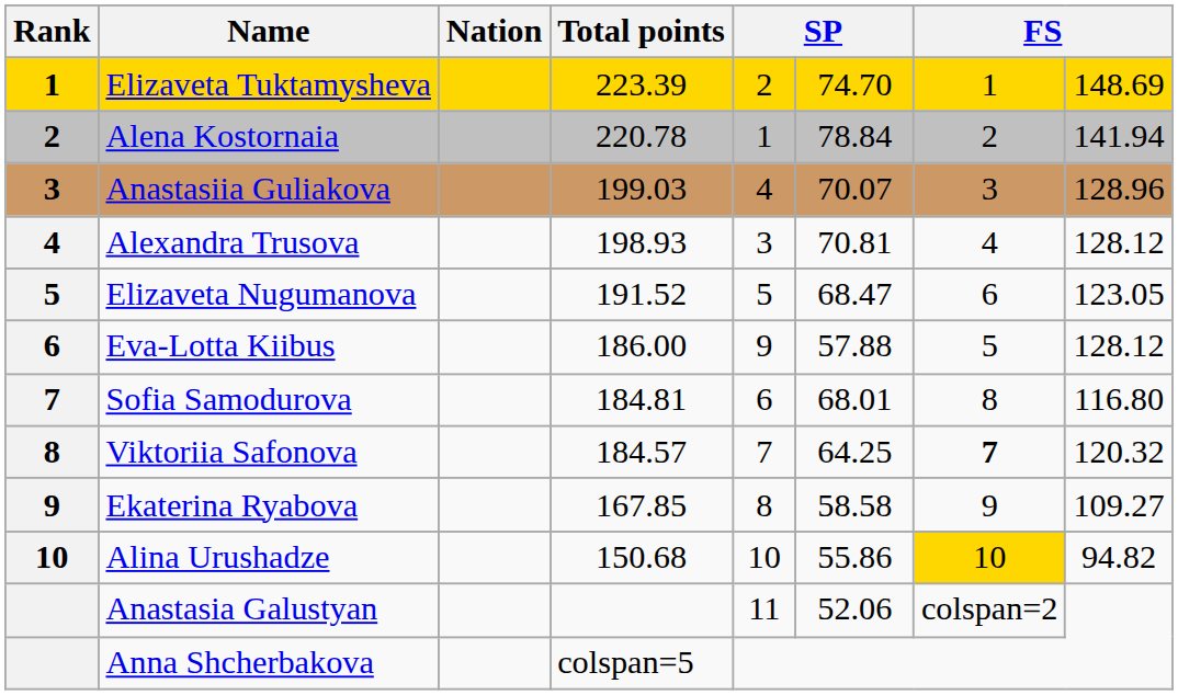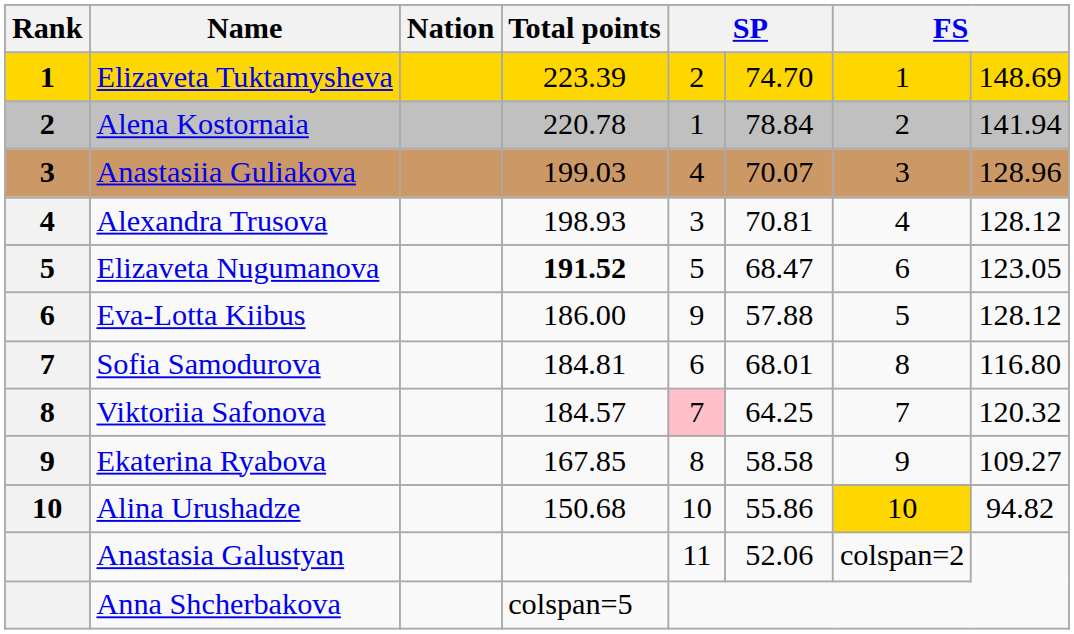 <table class="wikitable sortable">
 <tr>
 <th>Rank</th>
 <th>Name</th>
 <th>Nation</th>
 <th>Total points</th>
 <th colspan="2" width="80px"><a href='#'>SP</a></th>
 <th colspan="2" width="80px"><a href='#'>FS</a></th>
 </tr>
 <tr bgcolor="gold">
 <td align="center"><strong>1</strong></td>
 <td><a href='#'>Elizaveta Tuktamysheva</a></td>
 <td></td>
 <td align="center">223.39</td>
 <td align="center">2</td>
 <td align="center">74.70</td>
 <td align="center">1</td>
 <td align="center">148.69</td>
 </tr>
 <tr bgcolor="silver">
 <td align="center"><strong>2</strong></td>
 <td><a href='#'>Alena Kostornaia</a></td>
 <td></td>
 <td align="center">220.78</td>
 <td align="center">1</td>
 <td align="center">78.84</td>
 <td align="center">2</td>
 <td align="center">141.94</td>
 </tr>
 <tr bgcolor="cc9966">
 <td align="center"><strong>3</strong></td>
 <td><a href='#'>Anastasiia Guliakova</a></td>
 <td></td>
 <td align="center">199.03</td>
 <td align="center">4</td>
 <td align="center">70.07</td>
 <td align="center">3</td>
 <td align="center">128.96</td>
 </tr>
 <tr>
 <th>4</th>
 <td><a href='#'>Alexandra Trusova</a></td>
 <td></td>
 <td align="center">198.93</td>
 <td align="center">3</td>
 <td align="center">70.81</td>
 <td align="center">4</td>
 <td align="center">128.12</td>
 </tr>
 <tr>
 <th>5</th>
 <td><a href='#'>Elizaveta Nugumanova</a></td>
 <td></td>
-<td align="center">191.52</td>
+<td align="center"><strong>191.52</strong></td>
 <td align="center">5</td>
 <td align="center">68.47</td>
 <td align="center">6</td>
 <td align="center">123.05</td>
 </tr>
 <tr>
 <th>6</th>
 <td><a href='#'>Eva-Lotta Kiibus</a></td>
 <td></td>
 <td align="center">186.00</td>
 <td align="center">9</td>
 <td align="center">57.88</td>
 <td align="center">5</td>
 <td align="center">128.12</td>
 </tr>
 <tr>
 <th>7</th>
 <td><a href='#'>Sofia Samodurova</a></td>
 <td></td>
 <td align="center">184.81</td>
 <td align="center">6</td>
 <td align="center">68.01</td>
 <td align="center">8</td>
 <td align="center">116.80</td>
 </tr>
 <tr>
 <th>8</th>
 <td><a href='#'>Viktoriia Safonova</a></td>
 <td></td>
 <td align="center">184.57</td>
+<td align="center" style="background: pink;">7</td>
+<td align="center">64.25</td>
 <td align="center">7</td>
-<td align="center">64.25</td>
-<td align="center"><strong>7</strong></td>
 <td align="center">120.32</td>
 </tr>
 <tr>
 <th>9</th>
 <td><a href='#'>Ekaterina Ryabova</a></td>
 <td></td>
 <td align="center">167.85</td>
 <td align="center">8</td>
 <td align="center">58.58</td>
 <td align="center">9</td>
 <td align="center">109.27</td>
 </tr>
 <tr>
 <th>10</th>
 <td><a href='#'>Alina Urushadze</a></td>
 <td></td>
 <td align="center">150.68</td>
 <td align="center">10</td>
 <td align="center">55.86</td>
 <td align="center" style="background: gold;">10</td>
 <td align="center">94.82</td>
 </tr>
 <tr>
 <th></th>
 <td><a href='#'>Anastasia Galustyan</a></td>
 <td></td>
 <td></td>
 <td align="center">11</td>
 <td align="center">52.06</td>
 <td>colspan=2 </td>
 </tr>
 <tr>
 <th></th>
 <td><a href='#'>Anna Shcherbakova</a></td>
 <td></td>
 <td>colspan=5 </td>
 </tr>
 </table>
